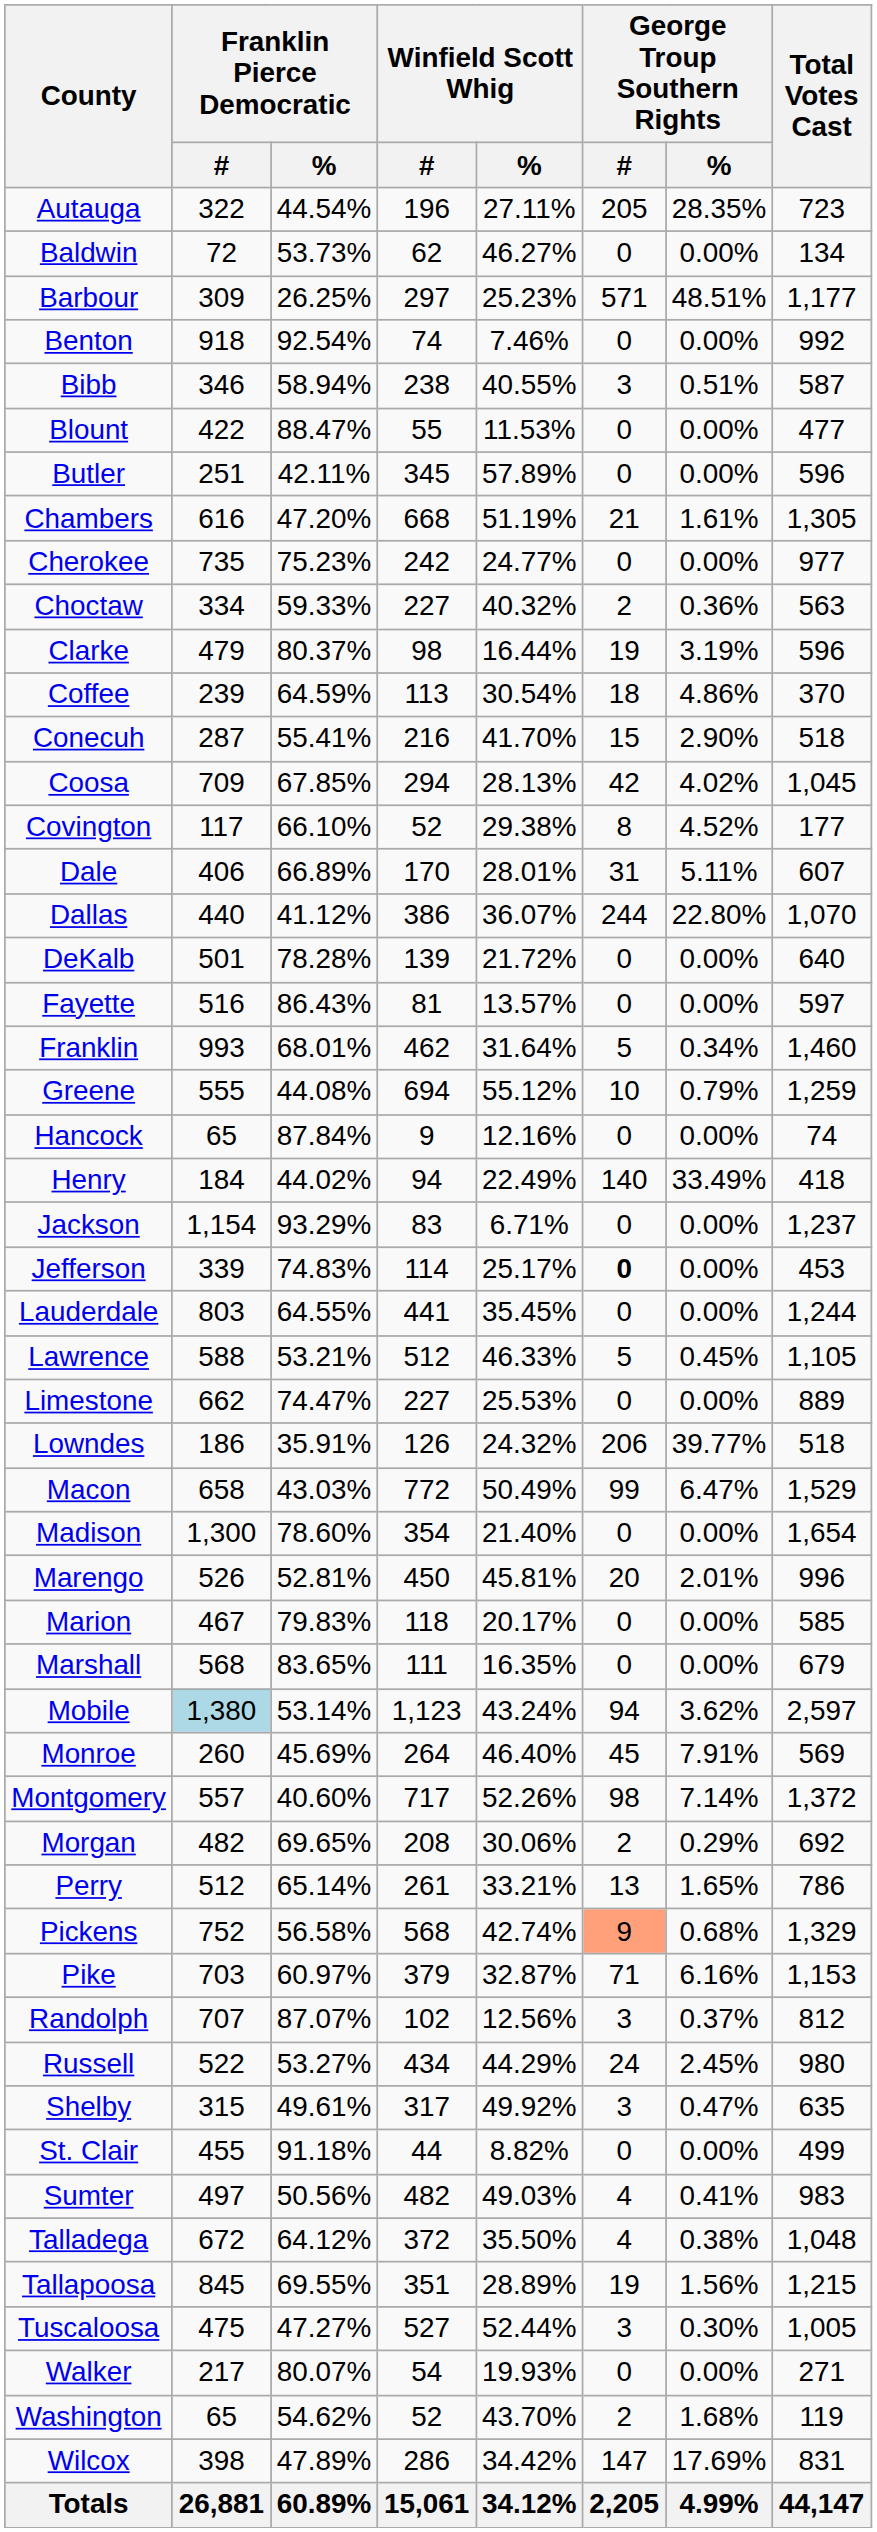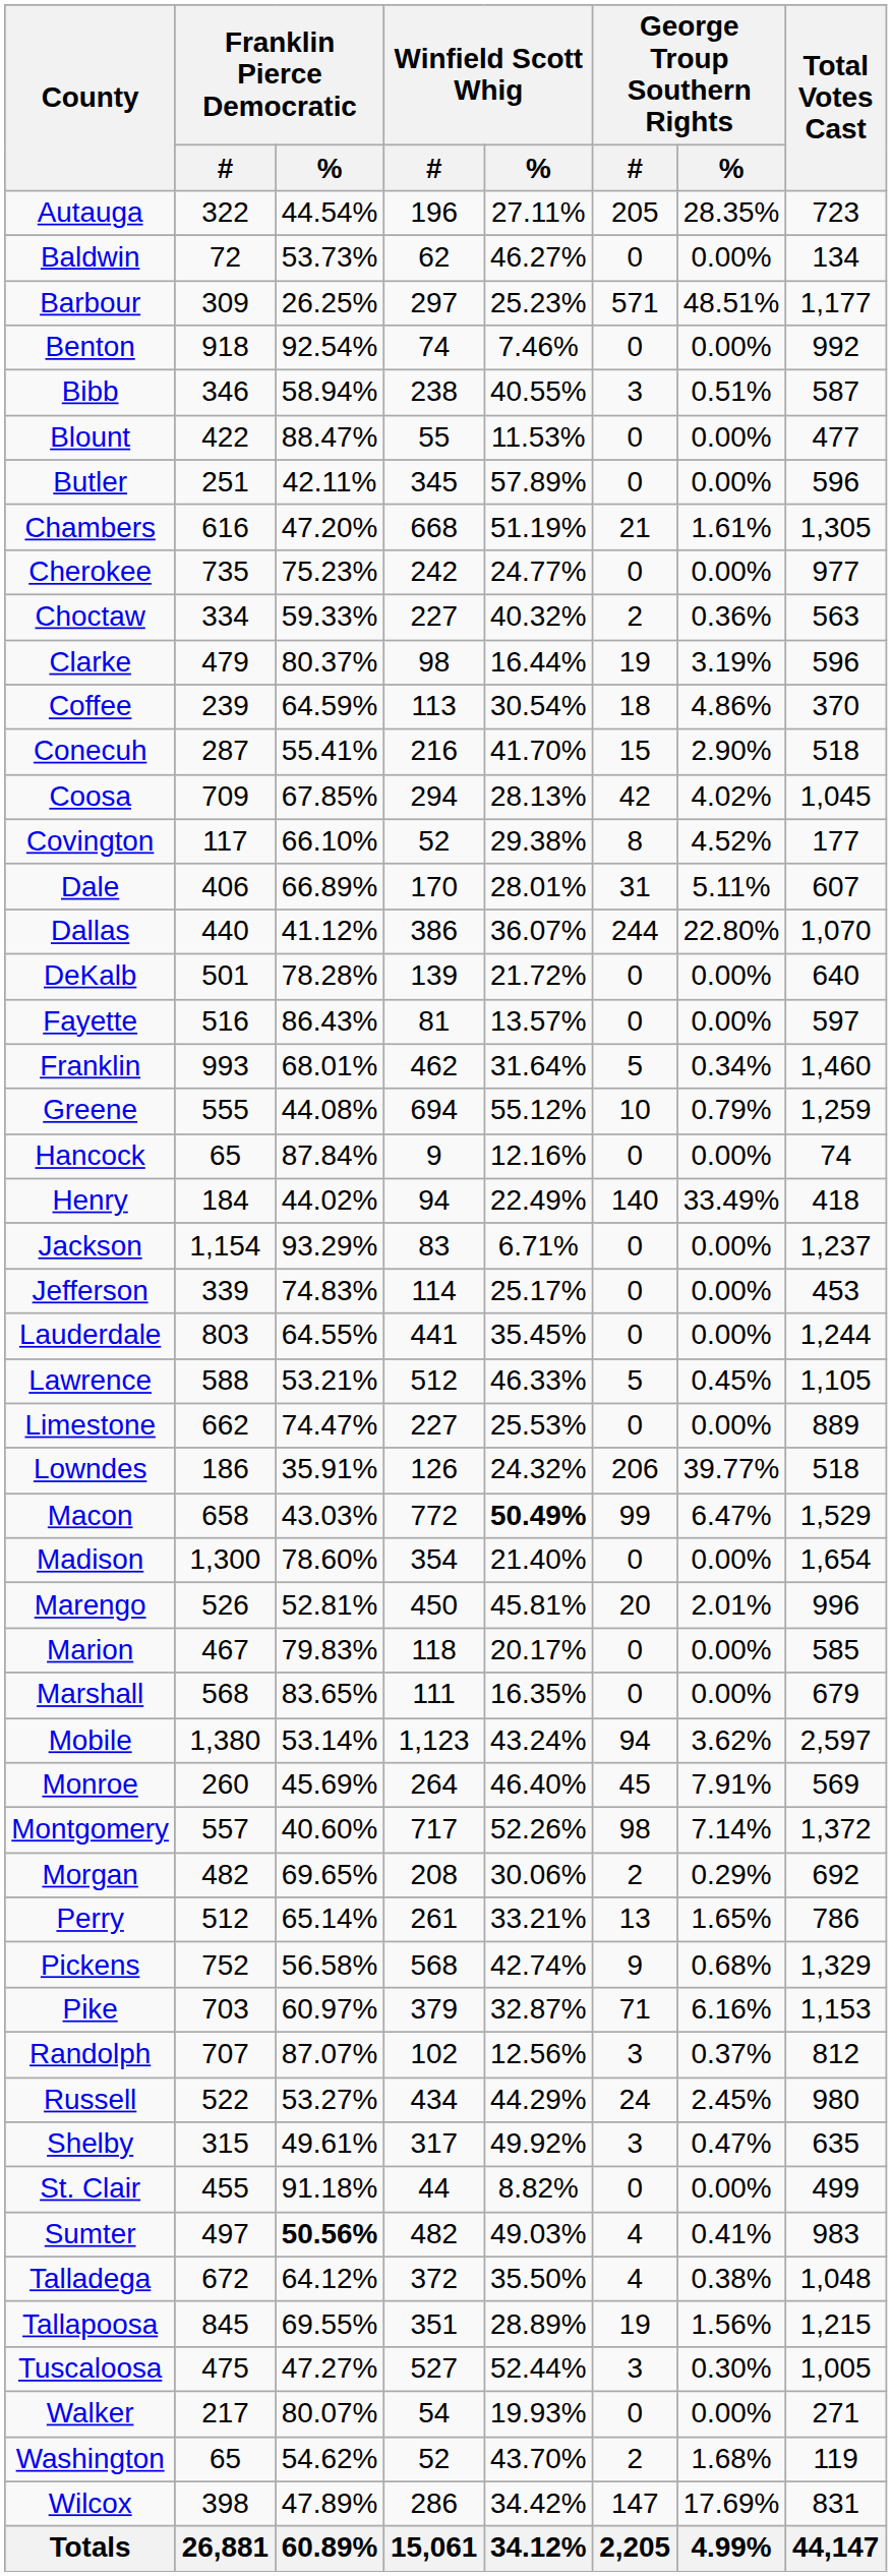 <table class="wikitable sortable" width="60%">
 <tr>
 <th rowspan="2">County</th>
 <th colspan="2">Franklin Pierce<br>Democratic</th>
 <th colspan="2">Winfield Scott<br>Whig</th>
 <th colspan="2">George Troup<br>Southern Rights</th>
 <th rowspan="2">Total Votes Cast</th>
 </tr>
 <tr>
 <th data-sort-type="number" style="text-align:center;">#</th>
 <th data-sort-type="number" style="text-align:center;">%</th>
 <th data-sort-type="number" style="text-align:center;">#</th>
 <th data-sort-type="number" style="text-align:center;">%</th>
 <th>#</th>
 <th>%</th>
 </tr>
 <tr style="text-align:center;">
 <td><a href='#'>Autauga</a></td>
 <td>322</td>
 <td>44.54%</td>
 <td>196</td>
 <td>27.11%</td>
 <td>205</td>
 <td>28.35%</td>
 <td>723</td>
 </tr>
 <tr style="text-align:center;">
 <td><a href='#'>Baldwin</a></td>
 <td>72</td>
 <td>53.73%</td>
 <td>62</td>
 <td>46.27%</td>
 <td>0</td>
 <td>0.00%</td>
 <td>134</td>
 </tr>
 <tr style="text-align:center;">
 <td><a href='#'>Barbour</a></td>
 <td>309</td>
 <td>26.25%</td>
 <td>297</td>
 <td>25.23%</td>
 <td>571</td>
 <td>48.51%</td>
 <td>1,177</td>
 </tr>
 <tr style="text-align:center;">
 <td><a href='#'>Benton</a></td>
 <td>918</td>
 <td>92.54%</td>
 <td>74</td>
 <td>7.46%</td>
 <td>0</td>
 <td>0.00%</td>
 <td>992</td>
 </tr>
 <tr style="text-align:center;">
 <td><a href='#'>Bibb</a></td>
 <td>346</td>
 <td>58.94%</td>
 <td>238</td>
 <td>40.55%</td>
 <td>3</td>
 <td>0.51%</td>
 <td>587</td>
 </tr>
 <tr style="text-align:center;">
 <td><a href='#'>Blount</a></td>
 <td>422</td>
 <td>88.47%</td>
 <td>55</td>
 <td>11.53%</td>
 <td>0</td>
 <td>0.00%</td>
 <td>477</td>
 </tr>
 <tr style="text-align:center;">
 <td><a href='#'>Butler</a></td>
 <td>251</td>
 <td>42.11%</td>
 <td>345</td>
 <td>57.89%</td>
 <td>0</td>
 <td>0.00%</td>
 <td>596</td>
 </tr>
 <tr style="text-align:center;">
 <td><a href='#'>Chambers</a></td>
 <td>616</td>
 <td>47.20%</td>
 <td>668</td>
 <td>51.19%</td>
 <td>21</td>
 <td>1.61%</td>
 <td>1,305</td>
 </tr>
 <tr style="text-align:center;">
 <td><a href='#'>Cherokee</a></td>
 <td>735</td>
 <td>75.23%</td>
 <td>242</td>
 <td>24.77%</td>
 <td>0</td>
 <td>0.00%</td>
 <td>977</td>
 </tr>
 <tr style="text-align:center;">
 <td><a href='#'>Choctaw</a></td>
 <td>334</td>
 <td>59.33%</td>
 <td>227</td>
 <td>40.32%</td>
 <td>2</td>
 <td>0.36%</td>
 <td>563</td>
 </tr>
 <tr style="text-align:center;">
 <td><a href='#'>Clarke</a></td>
 <td>479</td>
 <td>80.37%</td>
 <td>98</td>
 <td>16.44%</td>
 <td>19</td>
 <td>3.19%</td>
 <td>596</td>
 </tr>
 <tr style="text-align:center;">
 <td><a href='#'>Coffee</a></td>
 <td>239</td>
 <td>64.59%</td>
 <td>113</td>
 <td>30.54%</td>
 <td>18</td>
 <td>4.86%</td>
 <td>370</td>
 </tr>
 <tr style="text-align:center;">
 <td><a href='#'>Conecuh</a></td>
 <td>287</td>
 <td>55.41%</td>
 <td>216</td>
 <td>41.70%</td>
 <td>15</td>
 <td>2.90%</td>
 <td>518</td>
 </tr>
 <tr style="text-align:center;">
 <td><a href='#'>Coosa</a></td>
 <td>709</td>
 <td>67.85%</td>
 <td>294</td>
 <td>28.13%</td>
 <td>42</td>
 <td>4.02%</td>
 <td>1,045</td>
 </tr>
 <tr style="text-align:center;">
 <td><a href='#'>Covington</a></td>
 <td>117</td>
 <td>66.10%</td>
 <td>52</td>
 <td>29.38%</td>
 <td>8</td>
 <td>4.52%</td>
 <td>177</td>
 </tr>
 <tr style="text-align:center;">
 <td><a href='#'>Dale</a></td>
 <td>406</td>
 <td>66.89%</td>
 <td>170</td>
 <td>28.01%</td>
 <td>31</td>
 <td>5.11%</td>
 <td>607</td>
 </tr>
 <tr style="text-align:center;">
 <td><a href='#'>Dallas</a></td>
 <td>440</td>
 <td>41.12%</td>
 <td>386</td>
 <td>36.07%</td>
 <td>244</td>
 <td>22.80%</td>
 <td>1,070</td>
 </tr>
 <tr style="text-align:center;">
 <td><a href='#'>DeKalb</a></td>
 <td>501</td>
 <td>78.28%</td>
 <td>139</td>
 <td>21.72%</td>
 <td>0</td>
 <td>0.00%</td>
 <td>640</td>
 </tr>
 <tr style="text-align:center;">
 <td><a href='#'>Fayette</a></td>
 <td>516</td>
 <td>86.43%</td>
 <td>81</td>
 <td>13.57%</td>
 <td>0</td>
 <td>0.00%</td>
 <td>597</td>
 </tr>
 <tr style="text-align:center;">
 <td><a href='#'>Franklin</a></td>
 <td>993</td>
 <td>68.01%</td>
 <td>462</td>
 <td>31.64%</td>
 <td>5</td>
 <td>0.34%</td>
 <td>1,460</td>
 </tr>
 <tr style="text-align:center;">
 <td><a href='#'>Greene</a></td>
 <td>555</td>
 <td>44.08%</td>
 <td>694</td>
 <td>55.12%</td>
 <td>10</td>
 <td>0.79%</td>
 <td>1,259</td>
 </tr>
 <tr style="text-align:center;">
 <td><a href='#'>Hancock</a></td>
 <td>65</td>
 <td>87.84%</td>
 <td>9</td>
 <td>12.16%</td>
 <td>0</td>
 <td>0.00%</td>
 <td>74</td>
 </tr>
 <tr style="text-align:center;">
 <td><a href='#'>Henry</a></td>
 <td>184</td>
 <td>44.02%</td>
 <td>94</td>
 <td>22.49%</td>
 <td>140</td>
 <td>33.49%</td>
 <td>418</td>
 </tr>
 <tr style="text-align:center;">
 <td><a href='#'>Jackson</a></td>
 <td>1,154</td>
 <td>93.29%</td>
 <td>83</td>
 <td>6.71%</td>
 <td>0</td>
 <td>0.00%</td>
 <td>1,237</td>
 </tr>
 <tr style="text-align:center;">
 <td><a href='#'>Jefferson</a></td>
 <td>339</td>
 <td>74.83%</td>
 <td>114</td>
 <td>25.17%</td>
-<td><strong>0</strong></td>
+<td>0</td>
 <td>0.00%</td>
 <td>453</td>
 </tr>
 <tr style="text-align:center;">
 <td><a href='#'>Lauderdale</a></td>
 <td>803</td>
 <td>64.55%</td>
 <td>441</td>
 <td>35.45%</td>
 <td>0</td>
 <td>0.00%</td>
 <td>1,244</td>
 </tr>
 <tr style="text-align:center;">
 <td><a href='#'>Lawrence</a></td>
 <td>588</td>
 <td>53.21%</td>
 <td>512</td>
 <td>46.33%</td>
 <td>5</td>
 <td>0.45%</td>
 <td>1,105</td>
 </tr>
 <tr style="text-align:center;">
 <td><a href='#'>Limestone</a></td>
 <td>662</td>
 <td>74.47%</td>
 <td>227</td>
 <td>25.53%</td>
 <td>0</td>
 <td>0.00%</td>
 <td>889</td>
 </tr>
 <tr style="text-align:center;">
 <td><a href='#'>Lowndes</a></td>
 <td>186</td>
 <td>35.91%</td>
 <td>126</td>
 <td>24.32%</td>
 <td>206</td>
 <td>39.77%</td>
 <td>518</td>
 </tr>
 <tr style="text-align:center;">
 <td><a href='#'>Macon</a></td>
 <td>658</td>
 <td>43.03%</td>
 <td>772</td>
-<td>50.49%</td>
+<td><strong>50.49%</strong></td>
 <td>99</td>
 <td>6.47%</td>
 <td>1,529</td>
 </tr>
 <tr style="text-align:center;">
 <td><a href='#'>Madison</a></td>
 <td>1,300</td>
 <td>78.60%</td>
 <td>354</td>
 <td>21.40%</td>
 <td>0</td>
 <td>0.00%</td>
 <td>1,654</td>
 </tr>
 <tr style="text-align:center;">
 <td><a href='#'>Marengo</a></td>
 <td>526</td>
 <td>52.81%</td>
 <td>450</td>
 <td>45.81%</td>
 <td>20</td>
 <td>2.01%</td>
 <td>996</td>
 </tr>
 <tr style="text-align:center;">
 <td><a href='#'>Marion</a></td>
 <td>467</td>
 <td>79.83%</td>
 <td>118</td>
 <td>20.17%</td>
 <td>0</td>
 <td>0.00%</td>
 <td>585</td>
 </tr>
 <tr style="text-align:center;">
 <td><a href='#'>Marshall</a></td>
 <td>568</td>
 <td>83.65%</td>
 <td>111</td>
 <td>16.35%</td>
 <td>0</td>
 <td>0.00%</td>
 <td>679</td>
 </tr>
 <tr style="text-align:center;">
 <td><a href='#'>Mobile</a></td>
-<td style="background: lightblue;">1,380</td>
+<td>1,380</td>
 <td>53.14%</td>
 <td>1,123</td>
 <td>43.24%</td>
 <td>94</td>
 <td>3.62%</td>
 <td>2,597</td>
 </tr>
 <tr style="text-align:center;">
 <td><a href='#'>Monroe</a></td>
 <td>260</td>
 <td>45.69%</td>
 <td>264</td>
 <td>46.40%</td>
 <td>45</td>
 <td>7.91%</td>
 <td>569</td>
 </tr>
 <tr style="text-align:center;">
 <td><a href='#'>Montgomery</a></td>
 <td>557</td>
 <td>40.60%</td>
 <td>717</td>
 <td>52.26%</td>
 <td>98</td>
 <td>7.14%</td>
 <td>1,372</td>
 </tr>
 <tr style="text-align:center;">
 <td><a href='#'>Morgan</a></td>
 <td>482</td>
 <td>69.65%</td>
 <td>208</td>
 <td>30.06%</td>
 <td>2</td>
 <td>0.29%</td>
 <td>692</td>
 </tr>
 <tr style="text-align:center;">
 <td><a href='#'>Perry</a></td>
 <td>512</td>
 <td>65.14%</td>
 <td>261</td>
 <td>33.21%</td>
 <td>13</td>
 <td>1.65%</td>
 <td>786</td>
 </tr>
 <tr style="text-align:center;">
 <td><a href='#'>Pickens</a></td>
 <td>752</td>
 <td>56.58%</td>
 <td>568</td>
 <td>42.74%</td>
-<td style="background: lightsalmon;">9</td>
+<td>9</td>
 <td>0.68%</td>
 <td>1,329</td>
 </tr>
 <tr style="text-align:center;">
 <td><a href='#'>Pike</a></td>
 <td>703</td>
 <td>60.97%</td>
 <td>379</td>
 <td>32.87%</td>
 <td>71</td>
 <td>6.16%</td>
 <td>1,153</td>
 </tr>
 <tr style="text-align:center;">
 <td><a href='#'>Randolph</a></td>
 <td>707</td>
 <td>87.07%</td>
 <td>102</td>
 <td>12.56%</td>
 <td>3</td>
 <td>0.37%</td>
 <td>812</td>
 </tr>
 <tr style="text-align:center;">
 <td><a href='#'>Russell</a></td>
 <td>522</td>
 <td>53.27%</td>
 <td>434</td>
 <td>44.29%</td>
 <td>24</td>
 <td>2.45%</td>
 <td>980</td>
 </tr>
 <tr style="text-align:center;">
 <td><a href='#'>Shelby</a></td>
 <td>315</td>
 <td>49.61%</td>
 <td>317</td>
 <td>49.92%</td>
 <td>3</td>
 <td>0.47%</td>
 <td>635</td>
 </tr>
 <tr style="text-align:center;">
 <td><a href='#'>St. Clair</a></td>
 <td>455</td>
 <td>91.18%</td>
 <td>44</td>
 <td>8.82%</td>
 <td>0</td>
 <td>0.00%</td>
 <td>499</td>
 </tr>
 <tr style="text-align:center;">
 <td><a href='#'>Sumter</a></td>
 <td>497</td>
-<td>50.56%</td>
+<td><strong>50.56%</strong></td>
 <td>482</td>
 <td>49.03%</td>
 <td>4</td>
 <td>0.41%</td>
 <td>983</td>
 </tr>
 <tr style="text-align:center;">
 <td><a href='#'>Talladega</a></td>
 <td>672</td>
 <td>64.12%</td>
 <td>372</td>
 <td>35.50%</td>
 <td>4</td>
 <td>0.38%</td>
 <td>1,048</td>
 </tr>
 <tr style="text-align:center;">
 <td><a href='#'>Tallapoosa</a></td>
 <td>845</td>
 <td>69.55%</td>
 <td>351</td>
 <td>28.89%</td>
 <td>19</td>
 <td>1.56%</td>
 <td>1,215</td>
 </tr>
 <tr style="text-align:center;">
 <td><a href='#'>Tuscaloosa</a></td>
 <td>475</td>
 <td>47.27%</td>
 <td>527</td>
 <td>52.44%</td>
 <td>3</td>
 <td>0.30%</td>
 <td>1,005</td>
 </tr>
 <tr style="text-align:center;">
 <td><a href='#'>Walker</a></td>
 <td>217</td>
 <td>80.07%</td>
 <td>54</td>
 <td>19.93%</td>
 <td>0</td>
 <td>0.00%</td>
 <td>271</td>
 </tr>
 <tr style="text-align:center;">
 <td><a href='#'>Washington</a></td>
 <td>65</td>
 <td>54.62%</td>
 <td>52</td>
 <td>43.70%</td>
 <td>2</td>
 <td>1.68%</td>
 <td>119</td>
 </tr>
 <tr style="text-align:center;">
 <td><a href='#'>Wilcox</a></td>
 <td>398</td>
 <td>47.89%</td>
 <td>286</td>
 <td>34.42%</td>
 <td>147</td>
 <td>17.69%</td>
 <td>831</td>
 </tr>
 <tr>
 <th>Totals</th>
 <th>26,881</th>
 <th>60.89%</th>
 <th>15,061</th>
 <th>34.12%</th>
 <th>2,205</th>
 <th>4.99%</th>
 <th>44,147</th>
 </tr>
 </table>
